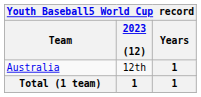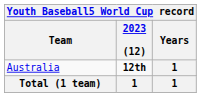 <table class="wikitable" style="text-align:center; font-size:85%;">
 <tr>
 <th colspan=32><a href='#'>Youth Baseball5 World Cup</a> record</th>
 </tr>
 <tr>
 <th>Team</th>
 <th><a href='#'>2023</a><br><br>(12)</th>
 <th>Years</th>
 </tr>
 <tr>
 <td align=left> <a href='#'>Australia</a></td>
-<td>12th</td>
+<td><strong>12th</strong></td>
 <th>1</th>
 </tr>
 <tr>
 <th>Total (1 team)</th>
 <th>1</th>
 <th>1</th>
 </tr>
 </table>
